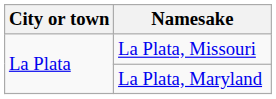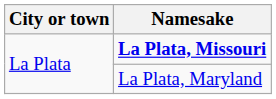 <table class="wikitable">
 <tr>
 <th>City or town</th>
 <th>Namesake</th>
 </tr>
 <tr>
 <td rowspan = 2><a href='#'>La Plata</a></td>
-<td><a href='#'>La Plata, Missouri</a></td>
+<td><strong><a href='#'>La Plata, Missouri</a></strong></td>
 </tr>
 <tr>
 <td><a href='#'>La Plata, Maryland</a> </td>
 </tr>
 </table>
